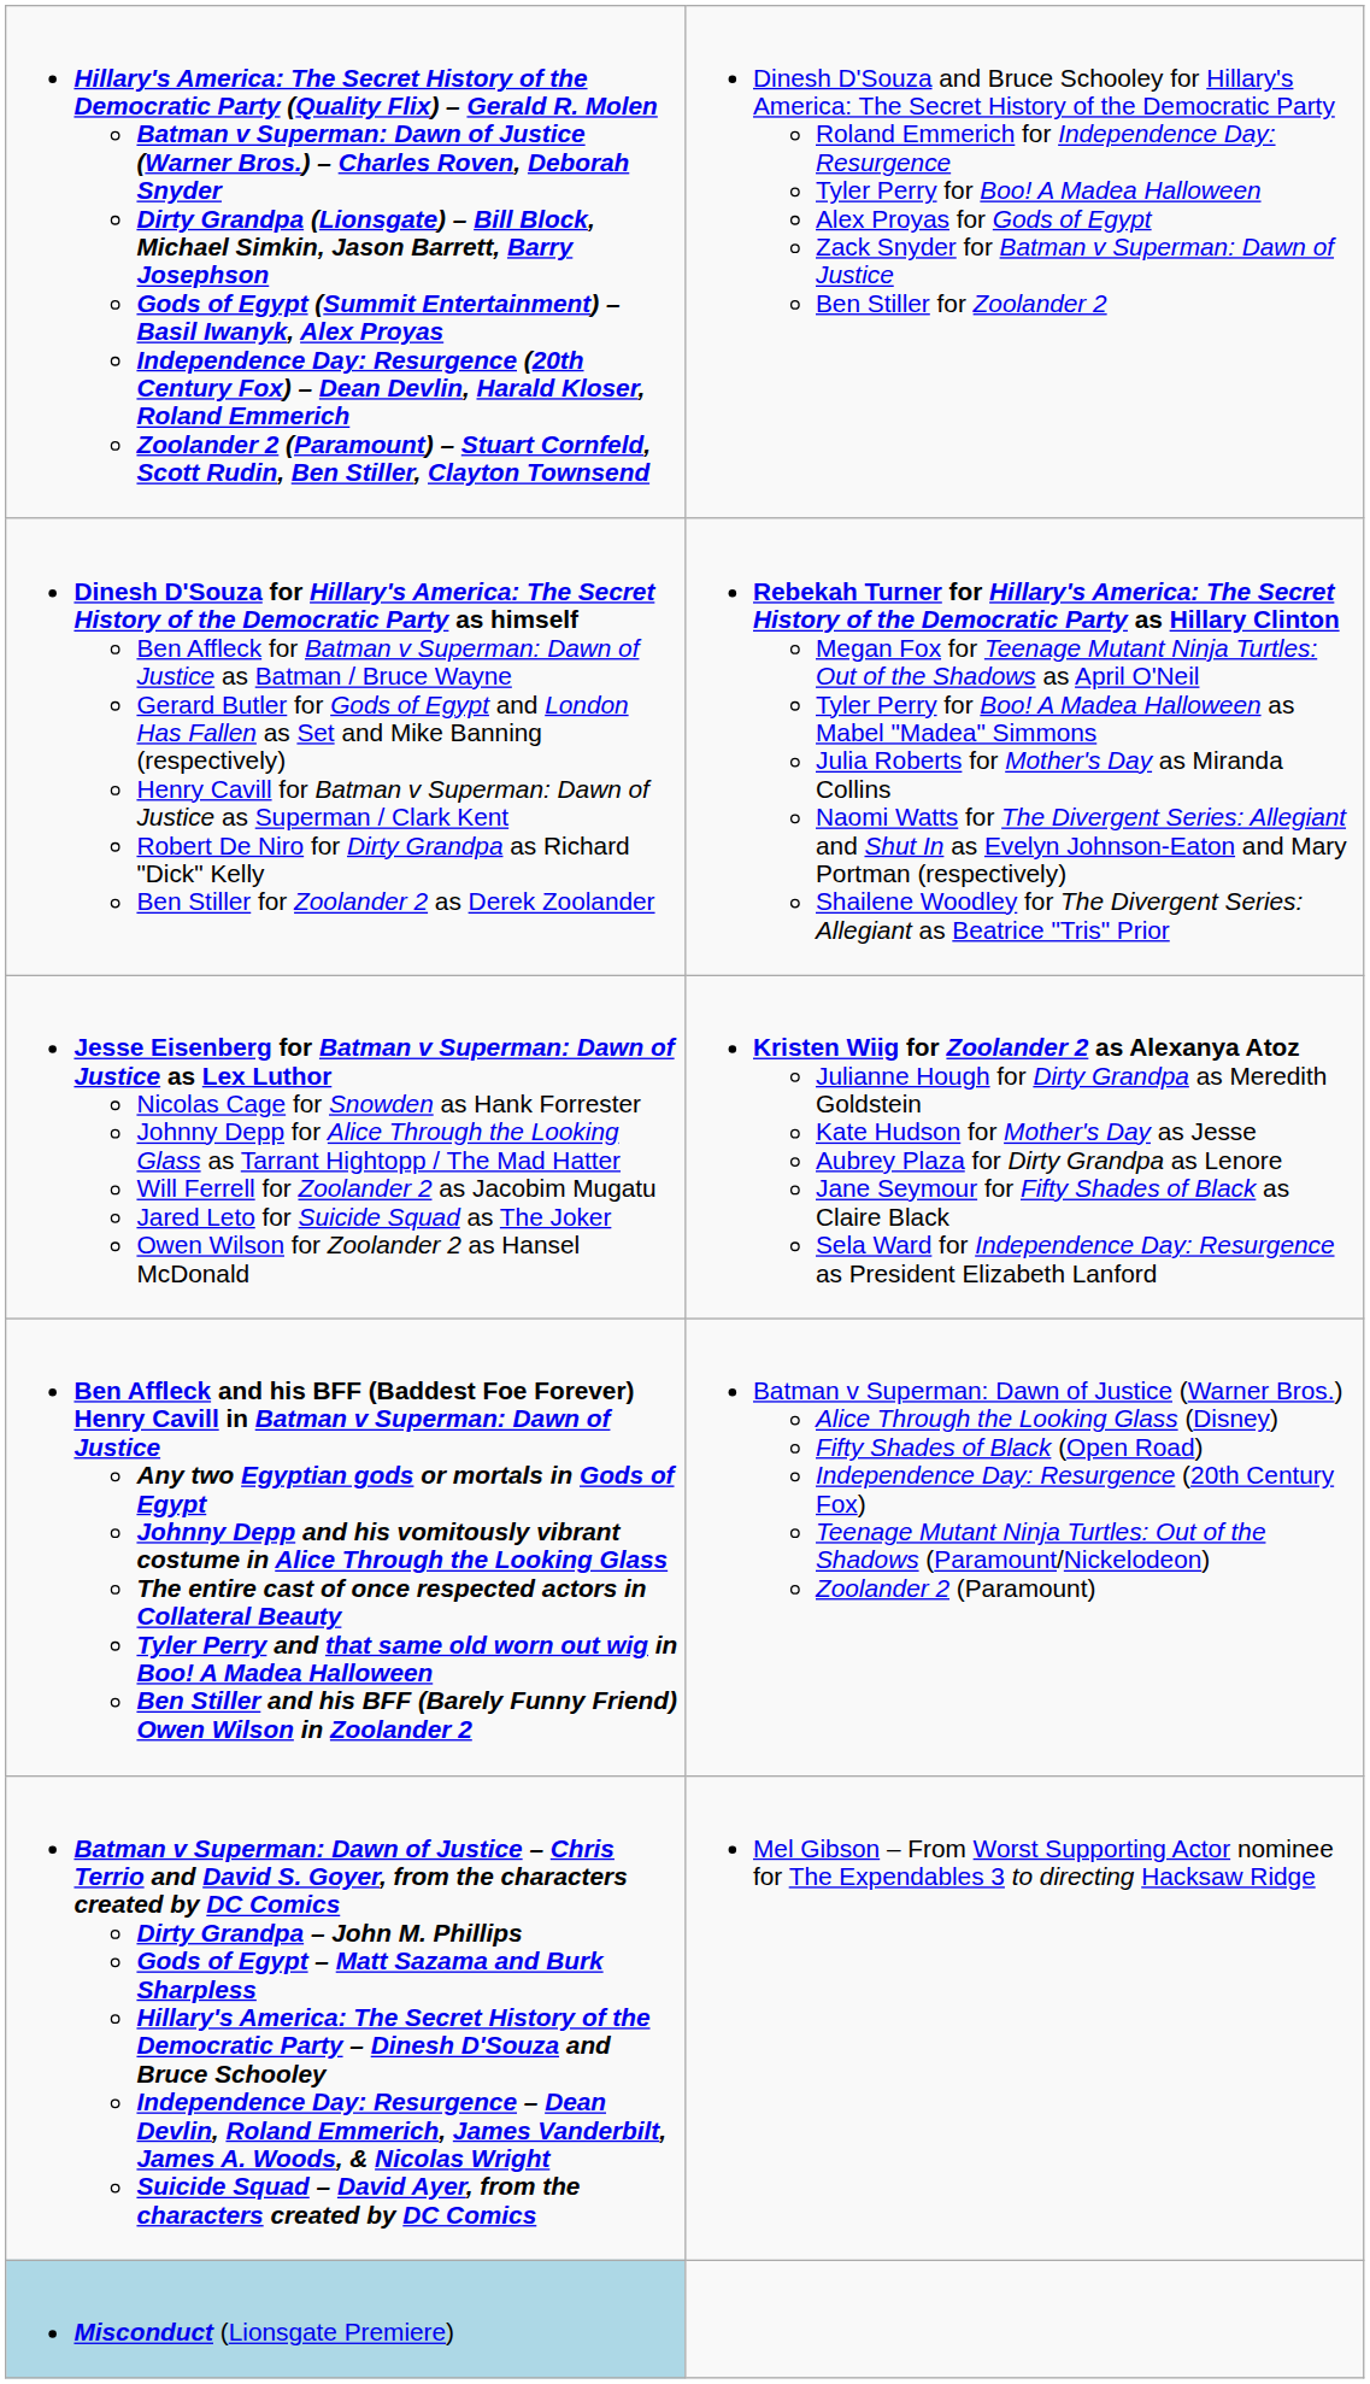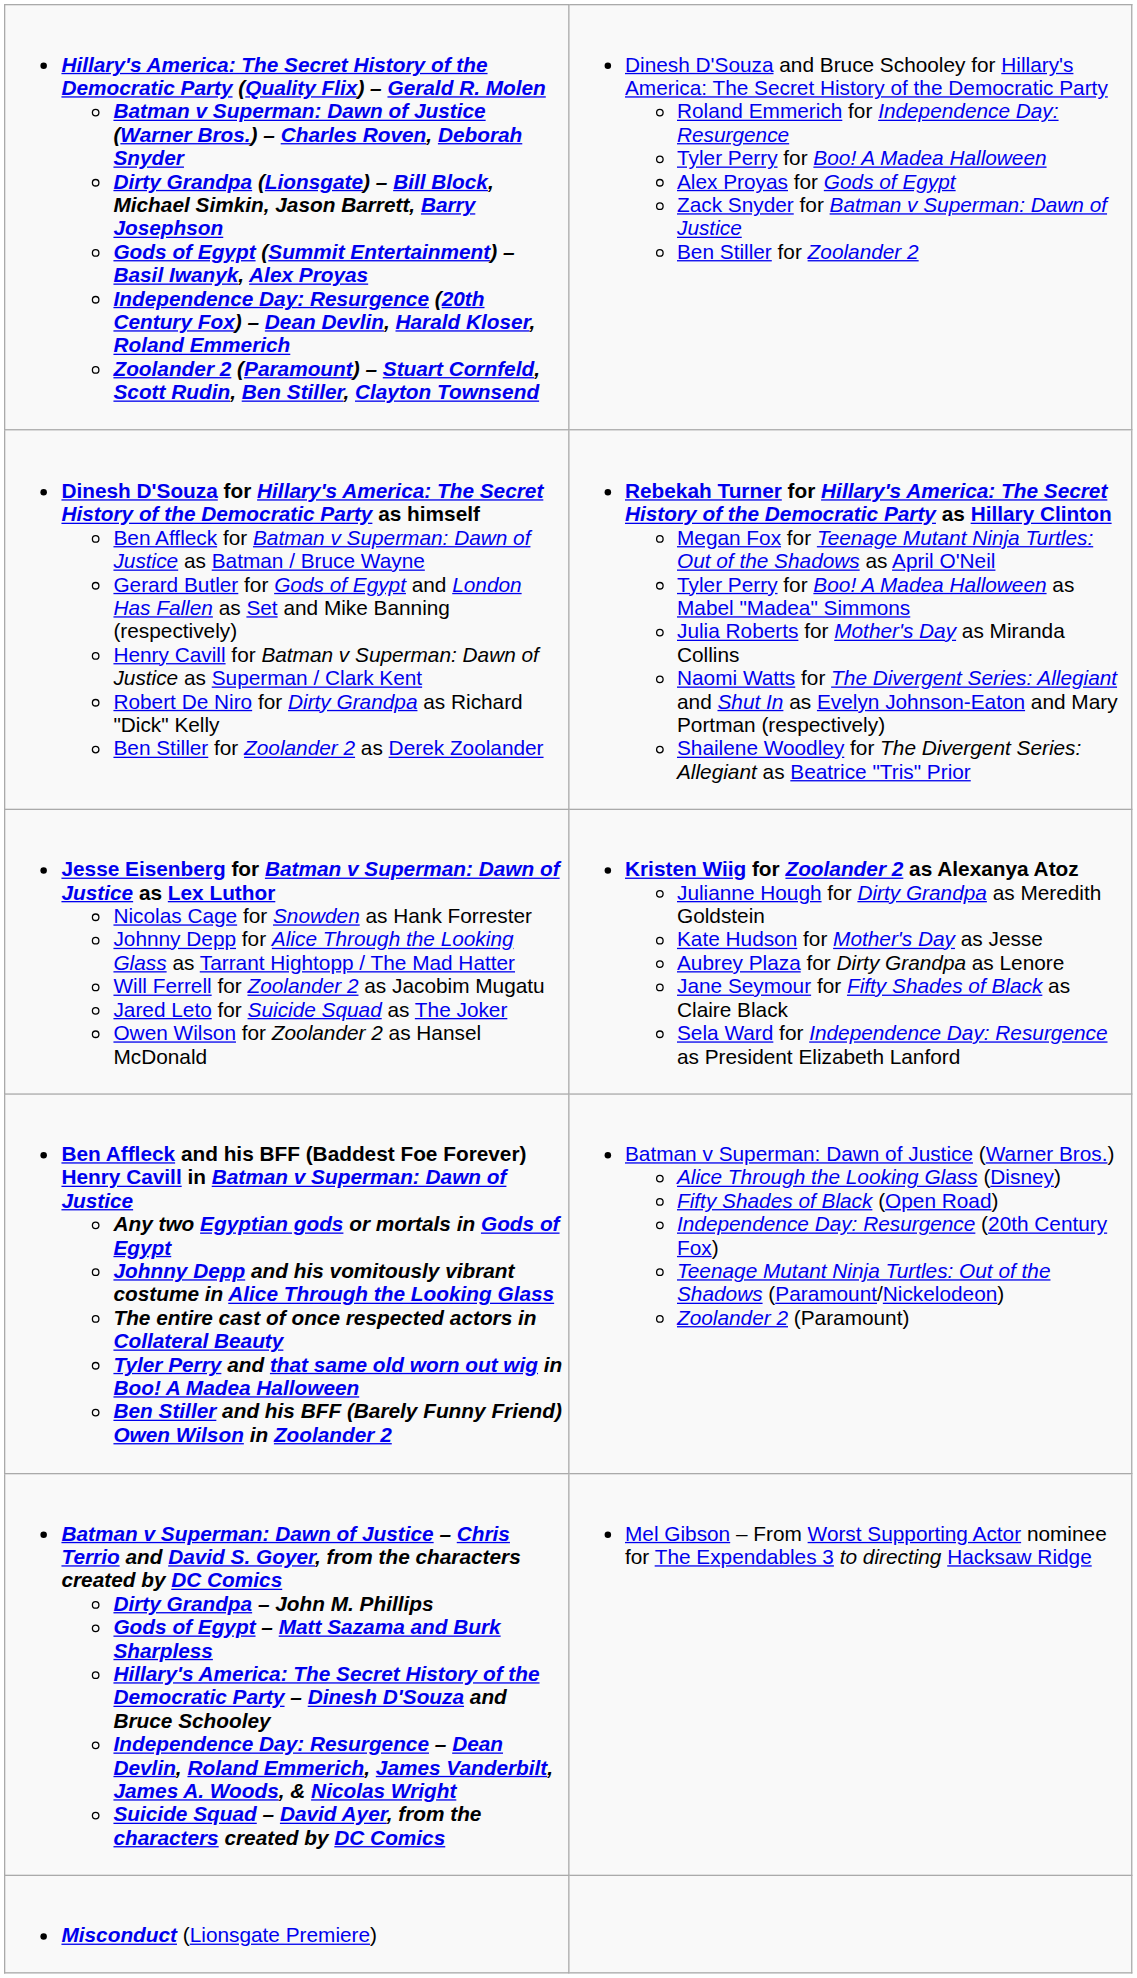 <table class=wikitable>
 <tr>
 <td valign="top" width="50%"><br><ul><li><strong><em><a href='#'>Hillary's America: The Secret History of the Democratic Party</a><em> (<a href='#'>Quality Flix</a>) – <a href='#'>Gerald R. Molen</a><strong><ul><li></em><a href='#'>Batman v Superman: Dawn of Justice</a><em> (<a href='#'>Warner Bros.</a>) – <a href='#'>Charles Roven</a>, <a href='#'>Deborah Snyder</a></li><li></em><a href='#'>Dirty Grandpa</a><em> (<a href='#'>Lionsgate</a>) – <a href='#'>Bill Block</a>, Michael Simkin, Jason Barrett, <a href='#'>Barry Josephson</a></li><li></em><a href='#'>Gods of Egypt</a><em> (<a href='#'>Summit Entertainment</a>) – <a href='#'>Basil Iwanyk</a>, <a href='#'>Alex Proyas</a></li><li></em><a href='#'>Independence Day: Resurgence</a><em> (<a href='#'>20th Century Fox</a>) – <a href='#'>Dean Devlin</a>, <a href='#'>Harald Kloser</a>, <a href='#'>Roland Emmerich</a></li><li></em><a href='#'>Zoolander 2</a><em> (<a href='#'>Paramount</a>) – <a href='#'>Stuart Cornfeld</a>, <a href='#'>Scott Rudin</a>, <a href='#'>Ben Stiller</a>, <a href='#'>Clayton Townsend</a></li></ul></li></ul></td>
 <td valign="top" width="50%"><br><ul><li></strong><a href='#'>Dinesh D'Souza</a> and Bruce Schooley for </em><a href='#'>Hillary's America: The Secret History of the Democratic Party</a></em></strong><ul><li><a href='#'>Roland Emmerich</a> for <em><a href='#'>Independence Day: Resurgence</a></em></li><li><a href='#'>Tyler Perry</a> for <em><a href='#'>Boo! A Madea Halloween</a></em></li><li><a href='#'>Alex Proyas</a> for <em><a href='#'>Gods of Egypt</a></em></li><li><a href='#'>Zack Snyder</a> for <em><a href='#'>Batman v Superman: Dawn of Justice</a></em></li><li><a href='#'>Ben Stiller</a> for <em><a href='#'>Zoolander 2</a></em></li></ul></li></ul></td>
 </tr>
 <tr>
 <td valign="top" width="50%"><br><ul><li><strong><a href='#'>Dinesh D'Souza</a> for <em><a href='#'>Hillary's America: The Secret History of the Democratic Party</a></em> as himself</strong><ul><li><a href='#'>Ben Affleck</a> for <em><a href='#'>Batman v Superman: Dawn of Justice</a></em> as <a href='#'>Batman / Bruce Wayne</a></li><li><a href='#'>Gerard Butler</a> for <em><a href='#'>Gods of Egypt</a></em> and <em><a href='#'>London Has Fallen</a></em> as <a href='#'>Set</a> and Mike Banning (respectively)</li><li><a href='#'>Henry Cavill</a> for <em>Batman v Superman: Dawn of Justice</em> as <a href='#'>Superman / Clark Kent</a></li><li><a href='#'>Robert De Niro</a> for <em><a href='#'>Dirty Grandpa</a></em> as Richard "Dick" Kelly</li><li><a href='#'>Ben Stiller</a> for <em><a href='#'>Zoolander 2</a></em> as <a href='#'>Derek Zoolander</a></li></ul></li></ul></td>
 <td valign="top" width="50%"><br><ul><li><strong><a href='#'>Rebekah Turner</a> for <em><a href='#'>Hillary's America: The Secret History of the Democratic Party</a></em> as <a href='#'>Hillary Clinton</a></strong><ul><li><a href='#'>Megan Fox</a> for <em><a href='#'>Teenage Mutant Ninja Turtles: Out of the Shadows</a></em> as <a href='#'>April O'Neil</a></li><li><a href='#'>Tyler Perry</a> for <em><a href='#'>Boo! A Madea Halloween</a></em> as <a href='#'>Mabel "Madea" Simmons</a></li><li><a href='#'>Julia Roberts</a> for <em><a href='#'>Mother's Day</a></em> as Miranda Collins</li><li><a href='#'>Naomi Watts</a> for <em><a href='#'>The Divergent Series: Allegiant</a></em> and <em><a href='#'>Shut In</a></em> as <a href='#'>Evelyn Johnson-Eaton</a> and Mary Portman (respectively)</li><li><a href='#'>Shailene Woodley</a> for <em>The Divergent Series: Allegiant</em> as <a href='#'>Beatrice "Tris" Prior</a></li></ul></li></ul></td>
 </tr>
 <tr>
 <td valign="top" width="50%"><br><ul><li><strong><a href='#'>Jesse Eisenberg</a> for <em><a href='#'>Batman v Superman: Dawn of Justice</a></em> as <a href='#'>Lex Luthor</a></strong><ul><li><a href='#'>Nicolas Cage</a> for <em><a href='#'>Snowden</a></em> as Hank Forrester</li><li><a href='#'>Johnny Depp</a> for <em><a href='#'>Alice Through the Looking Glass</a></em> as <a href='#'>Tarrant Hightopp / The Mad Hatter</a></li><li><a href='#'>Will Ferrell</a> for <em><a href='#'>Zoolander 2</a></em> as Jacobim Mugatu</li><li><a href='#'>Jared Leto</a> for <em><a href='#'>Suicide Squad</a></em> as <a href='#'>The Joker</a></li><li><a href='#'>Owen Wilson</a> for <em>Zoolander 2</em> as Hansel McDonald</li></ul></li></ul></td>
 <td valign="top" width="50%"><br><ul><li><strong><a href='#'>Kristen Wiig</a> for <em><a href='#'>Zoolander 2</a></em> as Alexanya Atoz</strong><ul><li><a href='#'>Julianne Hough</a> for <em><a href='#'>Dirty Grandpa</a></em> as Meredith Goldstein</li><li><a href='#'>Kate Hudson</a> for <em><a href='#'>Mother's Day</a></em> as Jesse</li><li><a href='#'>Aubrey Plaza</a> for <em>Dirty Grandpa</em> as Lenore</li><li><a href='#'>Jane Seymour</a> for <em><a href='#'>Fifty Shades of Black</a></em> as Claire Black</li><li><a href='#'>Sela Ward</a> for <em><a href='#'>Independence Day: Resurgence</a></em> as President Elizabeth Lanford</li></ul></li></ul></td>
 </tr>
 <tr>
 <td valign="top" width="50%"><br><ul><li><strong><a href='#'>Ben Affleck</a> and his BFF (Baddest Foe Forever) <a href='#'>Henry Cavill</a> in <em><a href='#'>Batman v Superman: Dawn of Justice</a><strong><em><ul><li>Any two <a href='#'>Egyptian gods</a> or mortals in </em><a href='#'>Gods of Egypt</a><em></li><li><a href='#'>Johnny Depp</a> and his vomitously vibrant costume in </em><a href='#'>Alice Through the Looking Glass</a><em></li><li>The entire cast of once respected actors in </em><a href='#'>Collateral Beauty</a><em></li><li><a href='#'>Tyler Perry</a> and <a href='#'>that same old worn out wig</a> in </em><a href='#'>Boo! A Madea Halloween</a><em></li><li><a href='#'>Ben Stiller</a> and his BFF (Barely Funny Friend) <a href='#'>Owen Wilson</a> in </em><a href='#'>Zoolander 2</a><em></li></ul></li></ul></td>
 <td valign="top" width="50%"><br><ul><li></em></strong><a href='#'>Batman v Superman: Dawn of Justice</a></em> (<a href='#'>Warner Bros.</a>)</strong><ul><li><em><a href='#'>Alice Through the Looking Glass</a></em> (<a href='#'>Disney</a>)</li><li><em><a href='#'>Fifty Shades of Black</a></em> (<a href='#'>Open Road</a>)</li><li><em><a href='#'>Independence Day: Resurgence</a></em> (<a href='#'>20th Century Fox</a>)</li><li><em><a href='#'>Teenage Mutant Ninja Turtles: Out of the Shadows</a></em> (<a href='#'>Paramount</a>/<a href='#'>Nickelodeon</a>)</li><li><em><a href='#'>Zoolander 2</a></em> (Paramount)</li></ul></li></ul></td>
 </tr>
 <tr>
 <td valign="top" width="50%"><br><ul><li><strong><em><a href='#'>Batman v Superman: Dawn of Justice</a><em> – <a href='#'>Chris Terrio</a> and <a href='#'>David S. Goyer</a>, from the characters created by <a href='#'>DC Comics</a><strong><ul><li></em><a href='#'>Dirty Grandpa</a><em> – John M. Phillips</li><li></em><a href='#'>Gods of Egypt</a><em> – <a href='#'>Matt Sazama and Burk Sharpless</a></li><li></em><a href='#'>Hillary's America: The Secret History of the Democratic Party</a><em> – <a href='#'>Dinesh D'Souza</a> and Bruce Schooley</li><li></em><a href='#'>Independence Day: Resurgence</a><em> – <a href='#'>Dean Devlin</a>, <a href='#'>Roland Emmerich</a>, <a href='#'>James Vanderbilt</a>, <a href='#'>James A. Woods</a>, & <a href='#'>Nicolas Wright</a></li><li></em><a href='#'>Suicide Squad</a><em> – <a href='#'>David Ayer</a>, from the <a href='#'>characters</a> created by <a href='#'>DC Comics</a></li></ul></li></ul></td>
 <td valign="top" width="50%"><br><ul><li></strong><a href='#'>Mel Gibson</a> – From <a href='#'>Worst Supporting Actor</a> nominee for </em><a href='#'>The Expendables 3</a><em> to directing </em><a href='#'>Hacksaw Ridge</a></em></strong></li></ul></td>
 </tr>
 <tr>
-<td valign="top" width="50%" style="background: lightblue;"><br><ul><li><strong><em><a href='#'>Misconduct</a></em></strong> (<a href='#'>Lionsgate Premiere</a>)</li></ul></td>
+<td valign="top" width="50%"><br><ul><li><strong><em><a href='#'>Misconduct</a></em></strong> (<a href='#'>Lionsgate Premiere</a>)</li></ul></td>
 </tr>
 </table>
